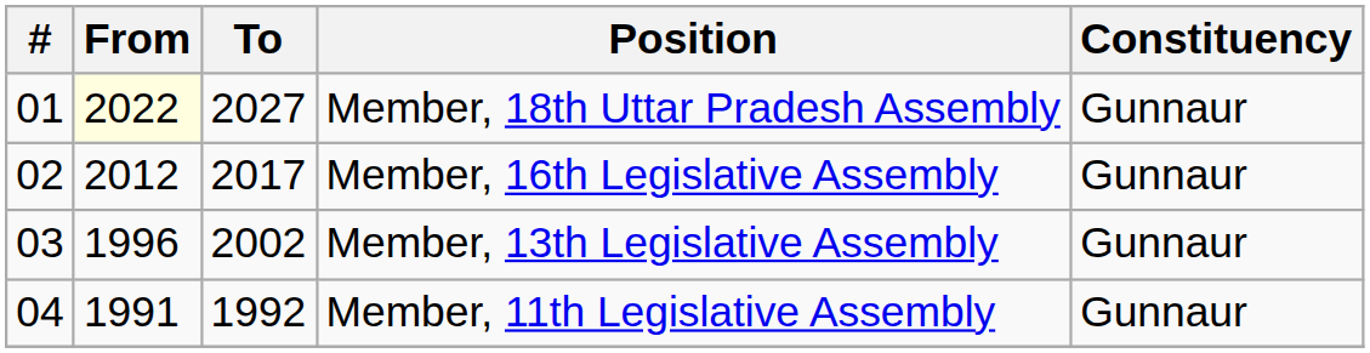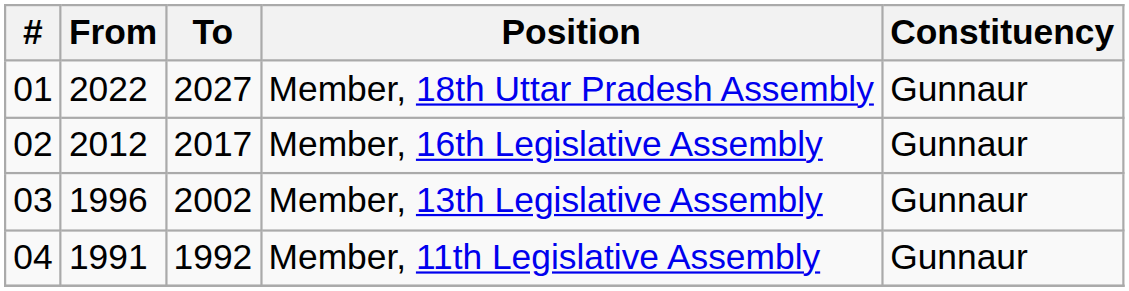 <table class="wikitable sortable">
 <tr>
 <th>#</th>
 <th>From</th>
 <th>To</th>
 <th>Position</th>
 <th>Constituency</th>
 </tr>
 <tr>
 <td>01</td>
-<td style="background: lightyellow;">2022</td>
+<td>2022</td>
 <td>2027</td>
 <td>Member, <a href='#'>18th Uttar Pradesh Assembly</a></td>
 <td>Gunnaur</td>
 </tr>
 <tr>
 <td>02</td>
 <td>2012</td>
 <td>2017</td>
 <td>Member, <a href='#'>16th Legislative Assembly</a></td>
 <td>Gunnaur</td>
 </tr>
 <tr>
 <td>03</td>
 <td>1996</td>
 <td>2002</td>
 <td>Member, <a href='#'>13th Legislative Assembly</a></td>
 <td>Gunnaur</td>
 </tr>
 <tr>
 <td>04</td>
 <td>1991</td>
 <td>1992</td>
 <td>Member, <a href='#'>11th Legislative Assembly</a></td>
 <td>Gunnaur</td>
 </tr>
 <tr>
 </tr>
 </table>
